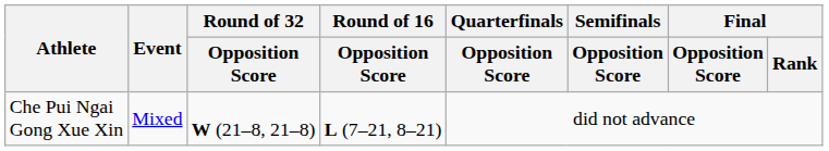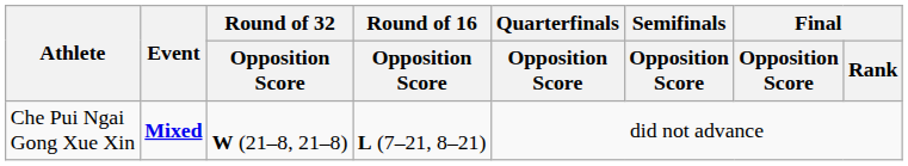 <table class=wikitable style=font-size:90%;text-align:center>
 <tr>
 <th rowspan="2">Athlete</th>
 <th rowspan="2">Event</th>
 <th>Round of 32</th>
 <th>Round of 16</th>
 <th>Quarterfinals</th>
 <th>Semifinals</th>
 <th colspan="2">Final</th>
 </tr>
 <tr>
 <th>Opposition<br>Score</th>
 <th>Opposition<br>Score</th>
 <th>Opposition<br>Score</th>
 <th>Opposition<br>Score</th>
 <th>Opposition<br>Score</th>
 <th>Rank</th>
 </tr>
 <tr>
 <td align=left>Che Pui Ngai <br> Gong Xue Xin</td>
-<td align=center><a href='#'>Mixed</a></td>
+<td align=center><strong><a href='#'>Mixed</a></strong></td>
 <td><br><strong>W</strong> (21–8, 21–8)</td>
 <td><br><strong>L</strong> (7–21, 8–21)</td>
 <td colspan=4>did not advance</td>
 </tr>
 </table>
